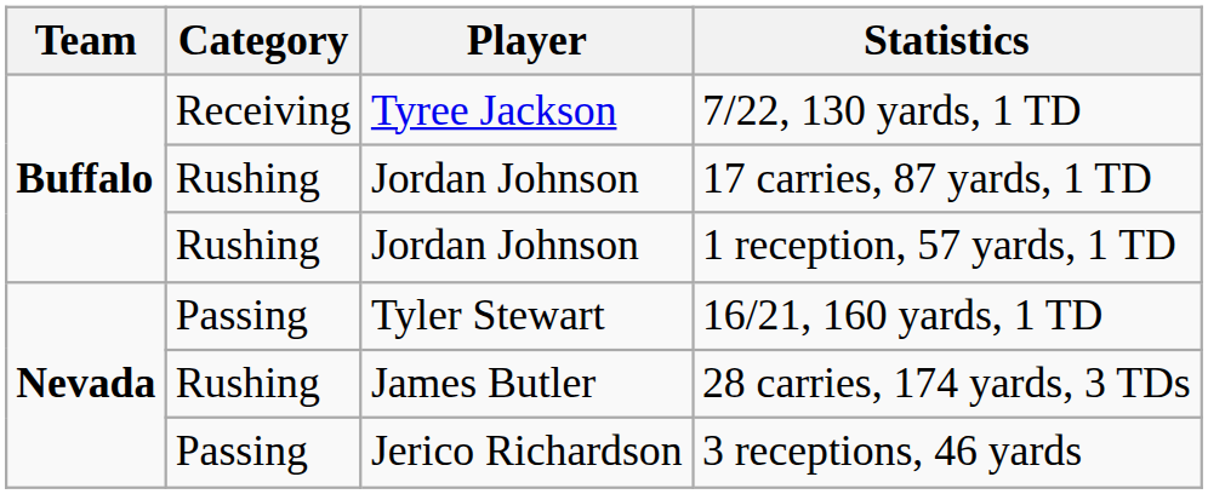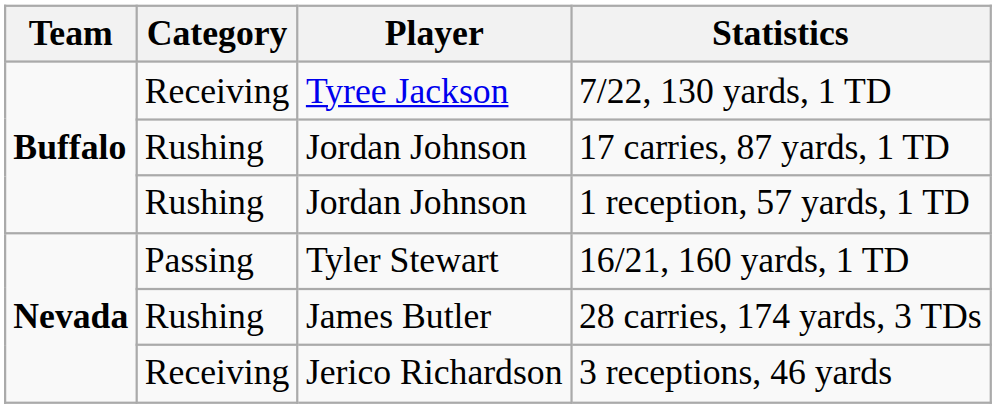 <table class="wikitable" style="float: left;">
 <tr>
 <th>Team</th>
 <th>Category</th>
 <th>Player</th>
 <th>Statistics</th>
 </tr>
 <tr>
 <td rowspan=3><strong>Buffalo</strong></td>
 <td>Receiving</td>
 <td><a href='#'>Tyree Jackson</a></td>
 <td>7/22, 130 yards, 1 TD</td>
 </tr>
 <tr>
 <td>Rushing</td>
 <td>Jordan Johnson</td>
 <td>17 carries, 87 yards, 1 TD</td>
 </tr>
 <tr>
 <td>Rushing</td>
 <td>Jordan Johnson</td>
 <td>1 reception, 57 yards, 1 TD</td>
 </tr>
 <tr>
 <td rowspan=3><strong>Nevada</strong></td>
 <td>Passing</td>
 <td>Tyler Stewart</td>
 <td>16/21, 160 yards, 1 TD</td>
 </tr>
 <tr>
 <td>Rushing</td>
 <td>James Butler</td>
 <td>28 carries, 174 yards, 3 TDs</td>
 </tr>
 <tr>
-<td>Passing</td>
+<td>Receiving</td>
 <td>Jerico Richardson</td>
 <td>3 receptions, 46 yards</td>
 </tr>
 </table>
